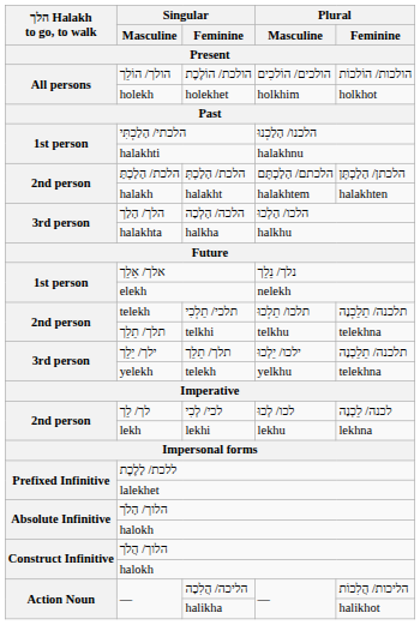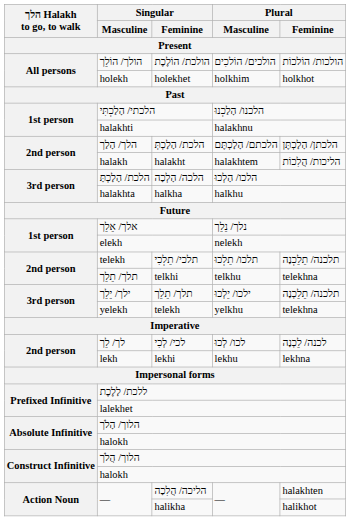 <table class="wikitable mw-collapsible mw-collapsed">
 <tr>
 <th rowspan="2">הלך Halakh<br>to go, to walk</th>
 <th colspan="2">Singular</th>
 <th colspan="2">Plural</th>
 </tr>
 <tr>
 <th>Masculine</th>
 <th>Feminine</th>
 <th>Masculine</th>
 <th>Feminine</th>
 </tr>
 <tr>
 <th colspan="5">Present</th>
 </tr>
 <tr>
 <th rowspan="2">All persons</th>
 <td>הולך/ הוֹלֵך</td>
 <td>הולכת/ הוֹלֶכֶת</td>
 <td>הולכים/ הוֹלכִים</td>
 <td>הולכות/ הוֹלכוֹת</td>
 </tr>
 <tr>
 <td>holekh</td>
 <td>holekhet</td>
 <td>holkhim</td>
 <td>holkhot</td>
 </tr>
 <tr>
 <th colspan="5">Past</th>
 </tr>
 <tr>
 <th rowspan="2">1st person</th>
 <td colspan="2">הלכתי/ הָלַכְתִּי</td>
 <td colspan="2">הלכנו/ הָלַכְנוּ</td>
 </tr>
 <tr>
 <td colspan="2">halakhti</td>
 <td colspan="2">halakhnu</td>
 </tr>
 <tr>
 <th rowspan="2">2nd person</th>
-<td>הלכת/ הָלָכְתָּ</td>
+<td>הלך/ הָלַך</td>
 <td>הלכת/ הָלָכְתְּ</td>
 <td>הלכתם/ הָלָכְתֶּם</td>
 <td>הלכתן/ הָלָכְתֶּן</td>
 </tr>
 <tr>
 <td>halakh</td>
 <td>halakht</td>
 <td>halakhtem</td>
-<td>halakhten</td>
+<td>הליכות/ הֲלִכוֹת</td>
 </tr>
 <tr>
 <th rowspan="2">3rd person</th>
-<td>הלך/ הָלַך</td>
+<td>הלכת/ הָלָכְתָּ</td>
 <td>הלכה/ הָלְכָה</td>
 <td colspan="2">הלכו/ הָלְכוּ</td>
 </tr>
 <tr>
 <td>halakhta</td>
 <td>halkha</td>
 <td colspan="2">halkhu</td>
 </tr>
 <tr>
 <th colspan="5">Future</th>
 </tr>
 <tr>
 <th rowspan="2">1st person</th>
 <td colspan="2">אלך/ אֵלֵך</td>
 <td colspan="2">נלך/ נֵלֵך</td>
 </tr>
 <tr>
 <td colspan="2">elekh</td>
 <td colspan="2">nelekh</td>
 </tr>
 <tr>
 <th rowspan="2">2nd person</th>
 <td>telekh</td>
 <td>תלכי/ תֵלְכִי</td>
 <td>תלכו/ תֵלְכוּ</td>
 <td>תלכנה/ תֵלֵכְנָה</td>
 </tr>
 <tr>
 <td>תלך/ תֵלֵך</td>
 <td>telkhi</td>
 <td>telkhu</td>
 <td>telekhna</td>
 </tr>
 <tr>
 <th rowspan="2">3rd person</th>
 <td>ילך/ יֵלֵך</td>
 <td>תלך/ תֵלֵך</td>
 <td>ילכו/ יֵלְכוּ</td>
 <td>תלכנה/ תֵלֵכְנָה</td>
 </tr>
 <tr>
 <td>yelekh</td>
 <td>telekh</td>
 <td>yelkhu</td>
 <td>telekhna</td>
 </tr>
 <tr>
 <th colspan="5">Imperative</th>
 </tr>
 <tr>
 <th rowspan="2">2nd person</th>
 <td>לך/ לֵך</td>
 <td>לכי/ לְכִי</td>
 <td>לכו/ לְכוּ</td>
 <td>לכנה/ לֵכְנָה</td>
 </tr>
 <tr>
 <td>lekh</td>
 <td>lekhi</td>
 <td>lekhu</td>
 <td>lekhna</td>
 </tr>
 <tr>
 <th colspan="5">Impersonal forms</th>
 </tr>
 <tr>
 <th rowspan="2">Prefixed Infinitive</th>
 <td colspan="4">ללכת/ לָלֶכֶת</td>
 </tr>
 <tr>
 <td colspan="4">lalekhet</td>
 </tr>
 <tr>
 <th rowspan="2">Absolute Infinitive</th>
 <td colspan="4">הלוך/ הָלֹך</td>
 </tr>
 <tr>
 <td colspan="4">halokh</td>
 </tr>
 <tr>
 <th rowspan="2">Construct Infinitive</th>
 <td colspan="4">הלוך/ הֲלֹך</td>
 </tr>
 <tr>
 <td colspan="4">halokh</td>
 </tr>
 <tr>
 <th rowspan="2">Action Noun</th>
 <td rowspan="2">—</td>
 <td>הליכה/ הֲלִכָה</td>
 <td rowspan="2">—</td>
-<td>הליכות/ הֲלִכוֹת</td>
+<td>halakhten</td>
 </tr>
 <tr>
 <td>halikha</td>
 <td>halikhot</td>
 </tr>
 </table>
